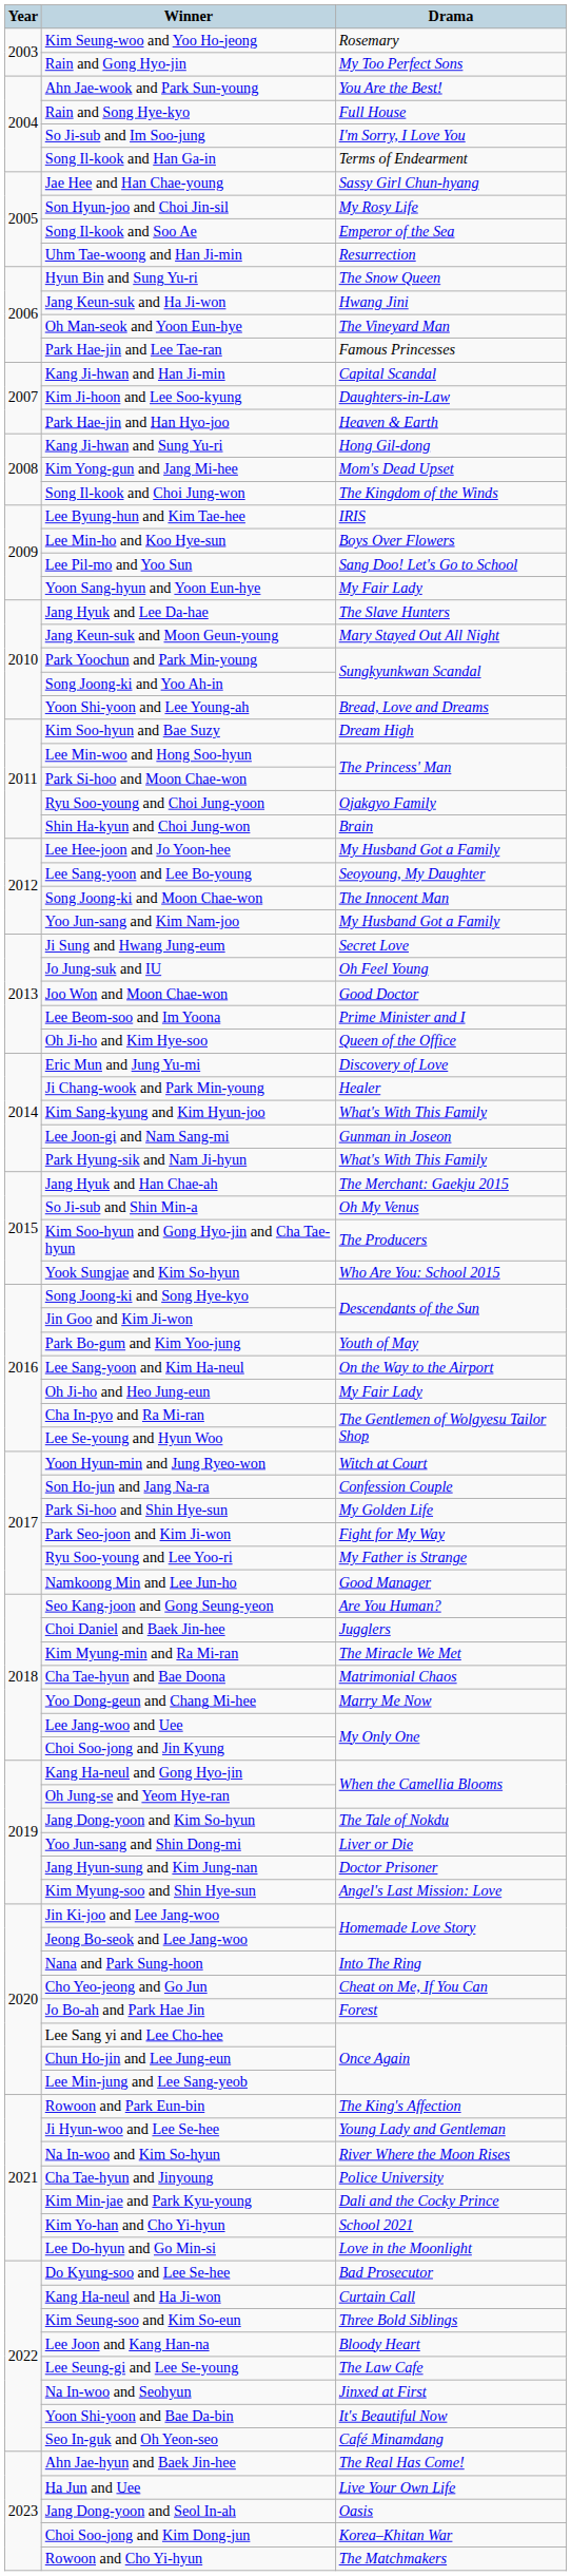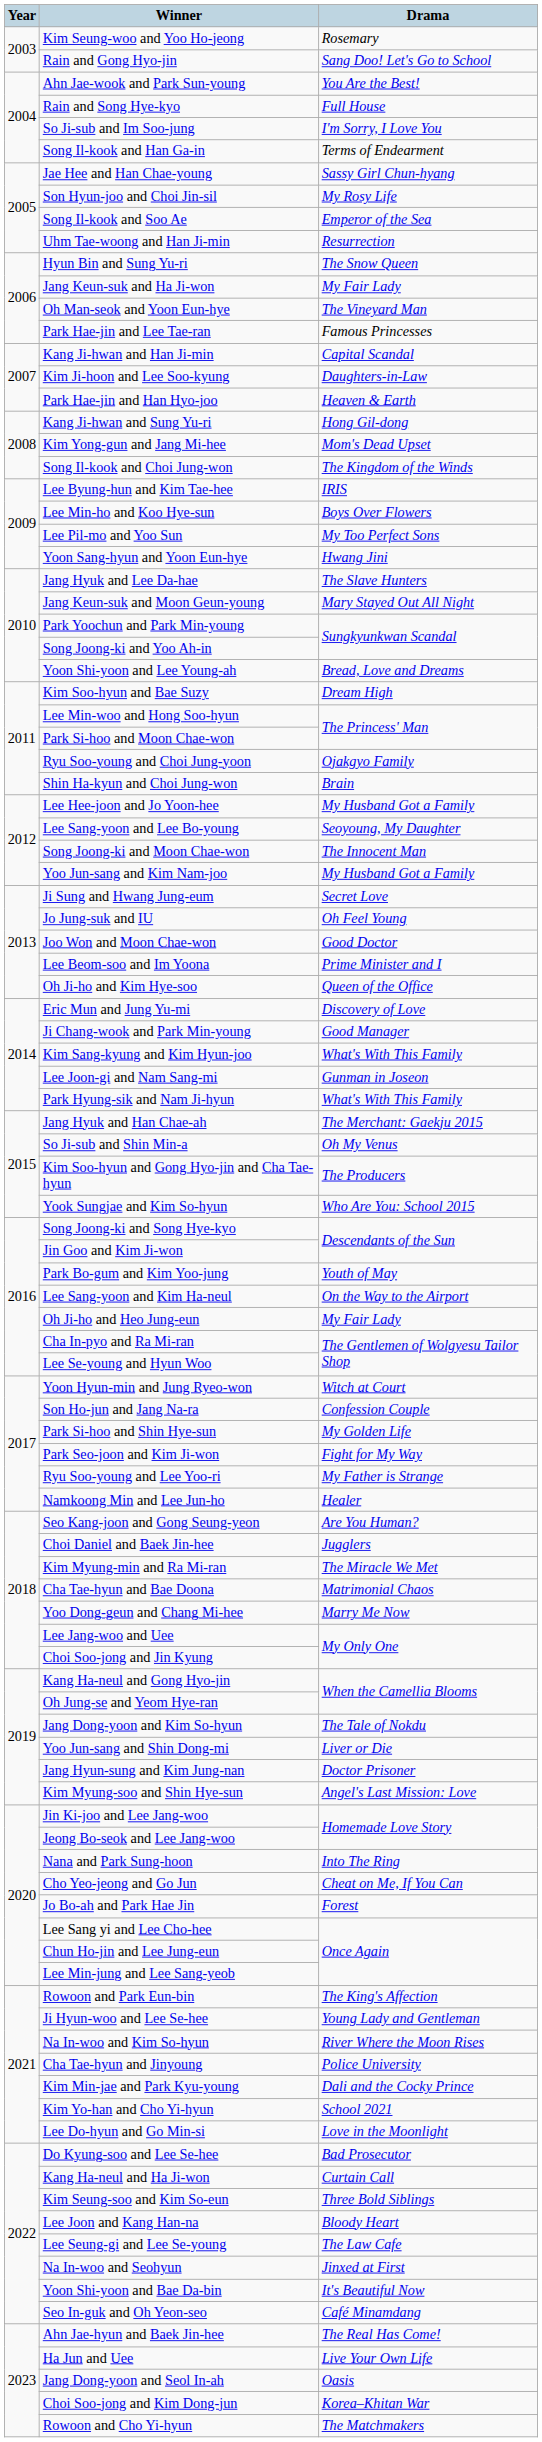 <table class="wikitable" style="width:600px">
 <tr>
 <th style="background:#BED5E1;" width="30">Year</th>
 <th style="background:#BED5E1;">Winner</th>
 <th style="background:#BED5E1;">Drama</th>
 </tr>
 <tr>
 <td rowspan="2">2003</td>
 <td><a href='#'>Kim Seung-woo</a> and <a href='#'>Yoo Ho-jeong</a></td>
 <td><em>Rosemary</em></td>
 </tr>
 <tr>
 <td><a href='#'>Rain</a> and <a href='#'>Gong Hyo-jin</a></td>
-<td><em><a href='#'>My Too Perfect Sons</a></em></td>
+<td><em><a href='#'>Sang Doo! Let's Go to School</a></em></td>
 </tr>
 <tr>
 <td rowspan="4">2004</td>
 <td><a href='#'>Ahn Jae-wook</a> and <a href='#'>Park Sun-young</a></td>
 <td><em><a href='#'>You Are the Best!</a></em></td>
 </tr>
 <tr>
 <td><a href='#'>Rain</a> and <a href='#'>Song Hye-kyo</a></td>
 <td><em><a href='#'>Full House</a></em></td>
 </tr>
 <tr>
 <td><a href='#'>So Ji-sub</a> and <a href='#'>Im Soo-jung</a></td>
 <td><em><a href='#'>I'm Sorry, I Love You</a></em></td>
 </tr>
 <tr>
 <td><a href='#'>Song Il-kook</a> and <a href='#'>Han Ga-in</a></td>
 <td><em>Terms of Endearment</em></td>
 </tr>
 <tr>
 <td rowspan="4">2005</td>
 <td><a href='#'>Jae Hee</a> and <a href='#'>Han Chae-young</a></td>
 <td><em><a href='#'>Sassy Girl Chun-hyang</a></em></td>
 </tr>
 <tr>
 <td><a href='#'>Son Hyun-joo</a> and <a href='#'>Choi Jin-sil</a></td>
 <td><em><a href='#'>My Rosy Life</a></em></td>
 </tr>
 <tr>
 <td><a href='#'>Song Il-kook</a> and <a href='#'>Soo Ae</a></td>
 <td><em><a href='#'>Emperor of the Sea</a></em></td>
 </tr>
 <tr>
 <td><a href='#'>Uhm Tae-woong</a> and <a href='#'>Han Ji-min</a></td>
 <td><em><a href='#'>Resurrection</a></em></td>
 </tr>
 <tr>
 <td rowspan="4">2006</td>
 <td><a href='#'>Hyun Bin</a> and <a href='#'>Sung Yu-ri</a></td>
 <td><em><a href='#'>The Snow Queen</a></em></td>
 </tr>
 <tr>
 <td><a href='#'>Jang Keun-suk</a> and <a href='#'>Ha Ji-won</a></td>
-<td><em><a href='#'>Hwang Jini</a></em></td>
+<td><em><a href='#'>My Fair Lady</a></em></td>
 </tr>
 <tr>
 <td><a href='#'>Oh Man-seok</a> and <a href='#'>Yoon Eun-hye</a></td>
 <td><em><a href='#'>The Vineyard Man</a></em></td>
 </tr>
 <tr>
 <td><a href='#'>Park Hae-jin</a> and <a href='#'>Lee Tae-ran</a></td>
 <td><em>Famous Princesses</em></td>
 </tr>
 <tr>
 <td rowspan="3">2007</td>
 <td><a href='#'>Kang Ji-hwan</a> and <a href='#'>Han Ji-min</a></td>
 <td><em><a href='#'>Capital Scandal</a></em></td>
 </tr>
 <tr>
 <td><a href='#'>Kim Ji-hoon</a> and <a href='#'>Lee Soo-kyung</a></td>
 <td><em><a href='#'>Daughters-in-Law</a></em></td>
 </tr>
 <tr>
 <td><a href='#'>Park Hae-jin</a> and <a href='#'>Han Hyo-joo</a></td>
 <td><em><a href='#'>Heaven & Earth</a></em></td>
 </tr>
 <tr>
 <td rowspan="3">2008</td>
 <td><a href='#'>Kang Ji-hwan</a> and <a href='#'>Sung Yu-ri</a></td>
 <td><em><a href='#'>Hong Gil-dong</a></em></td>
 </tr>
 <tr>
 <td><a href='#'>Kim Yong-gun</a> and <a href='#'>Jang Mi-hee</a></td>
 <td><em><a href='#'>Mom's Dead Upset</a></em></td>
 </tr>
 <tr>
 <td><a href='#'>Song Il-kook</a> and <a href='#'>Choi Jung-won</a></td>
 <td><em><a href='#'>The Kingdom of the Winds</a></em></td>
 </tr>
 <tr>
 <td rowspan="4">2009</td>
 <td><a href='#'>Lee Byung-hun</a> and <a href='#'>Kim Tae-hee</a></td>
 <td><em><a href='#'>IRIS</a></em></td>
 </tr>
 <tr>
 <td><a href='#'>Lee Min-ho</a> and <a href='#'>Koo Hye-sun</a></td>
 <td><em><a href='#'>Boys Over Flowers</a></em></td>
 </tr>
 <tr>
 <td><a href='#'>Lee Pil-mo</a> and <a href='#'>Yoo Sun</a></td>
-<td><em><a href='#'>Sang Doo! Let's Go to School</a></em></td>
+<td><em><a href='#'>My Too Perfect Sons</a></em></td>
 </tr>
 <tr>
 <td><a href='#'>Yoon Sang-hyun</a> and <a href='#'>Yoon Eun-hye</a></td>
-<td><em><a href='#'>My Fair Lady</a></em></td>
+<td><em><a href='#'>Hwang Jini</a></em></td>
 </tr>
 <tr>
 <td rowspan="5">2010</td>
 <td><a href='#'>Jang Hyuk</a> and <a href='#'>Lee Da-hae</a></td>
 <td><em><a href='#'>The Slave Hunters</a></em></td>
 </tr>
 <tr>
 <td><a href='#'>Jang Keun-suk</a> and <a href='#'>Moon Geun-young</a></td>
 <td><em><a href='#'>Mary Stayed Out All Night</a></em></td>
 </tr>
 <tr>
 <td><a href='#'>Park Yoochun</a> and <a href='#'>Park Min-young</a></td>
 <td rowspan="2"><em><a href='#'>Sungkyunkwan Scandal</a></em></td>
 </tr>
 <tr>
 <td><a href='#'>Song Joong-ki</a> and <a href='#'>Yoo Ah-in</a></td>
 </tr>
 <tr>
 <td><a href='#'>Yoon Shi-yoon</a> and <a href='#'>Lee Young-ah</a></td>
 <td><em><a href='#'>Bread, Love and Dreams</a></em></td>
 </tr>
 <tr>
 <td rowspan="5">2011</td>
 <td><a href='#'>Kim Soo-hyun</a> and <a href='#'>Bae Suzy</a></td>
 <td><em><a href='#'>Dream High</a></em></td>
 </tr>
 <tr>
 <td><a href='#'>Lee Min-woo</a> and <a href='#'>Hong Soo-hyun</a></td>
 <td rowspan="2"><em><a href='#'>The Princess' Man</a></em></td>
 </tr>
 <tr>
 <td><a href='#'>Park Si-hoo</a> and <a href='#'>Moon Chae-won</a></td>
 </tr>
 <tr>
 <td><a href='#'>Ryu Soo-young</a> and <a href='#'>Choi Jung-yoon</a></td>
 <td><em><a href='#'>Ojakgyo Family</a></em></td>
 </tr>
 <tr>
 <td><a href='#'>Shin Ha-kyun</a> and <a href='#'>Choi Jung-won</a></td>
 <td><em><a href='#'>Brain</a></em></td>
 </tr>
 <tr>
 <td rowspan="4">2012</td>
 <td><a href='#'>Lee Hee-joon</a> and <a href='#'>Jo Yoon-hee</a></td>
 <td><em><a href='#'>My Husband Got a Family</a></em></td>
 </tr>
 <tr>
 <td><a href='#'>Lee Sang-yoon</a> and <a href='#'>Lee Bo-young</a></td>
 <td><em><a href='#'>Seoyoung, My Daughter</a></em></td>
 </tr>
 <tr>
 <td><a href='#'>Song Joong-ki</a> and <a href='#'>Moon Chae-won</a></td>
 <td><em><a href='#'>The Innocent Man</a></em></td>
 </tr>
 <tr>
 <td><a href='#'>Yoo Jun-sang</a> and <a href='#'>Kim Nam-joo</a></td>
 <td><em><a href='#'>My Husband Got a Family</a></em></td>
 </tr>
 <tr>
 <td rowspan="5">2013</td>
 <td><a href='#'>Ji Sung</a> and <a href='#'>Hwang Jung-eum</a></td>
 <td><em><a href='#'>Secret Love</a></em></td>
 </tr>
 <tr>
 <td><a href='#'>Jo Jung-suk</a> and <a href='#'>IU</a></td>
 <td><em><a href='#'>Oh Feel Young</a></em></td>
 </tr>
 <tr>
 <td><a href='#'>Joo Won</a> and <a href='#'>Moon Chae-won</a></td>
 <td><em><a href='#'>Good Doctor</a></em></td>
 </tr>
 <tr>
 <td><a href='#'>Lee Beom-soo</a> and <a href='#'>Im Yoona</a></td>
 <td><em><a href='#'>Prime Minister and I</a></em></td>
 </tr>
 <tr>
 <td><a href='#'>Oh Ji-ho</a> and <a href='#'>Kim Hye-soo</a></td>
 <td><em><a href='#'>Queen of the Office</a></em></td>
 </tr>
 <tr>
 <td rowspan="5">2014</td>
 <td><a href='#'>Eric Mun</a> and <a href='#'>Jung Yu-mi</a></td>
 <td><em><a href='#'>Discovery of Love</a></em></td>
 </tr>
 <tr>
 <td><a href='#'>Ji Chang-wook</a> and <a href='#'>Park Min-young</a></td>
-<td><em><a href='#'>Healer</a></em></td>
+<td><em><a href='#'>Good Manager</a></em></td>
 </tr>
 <tr>
 <td><a href='#'>Kim Sang-kyung</a> and <a href='#'>Kim Hyun-joo</a></td>
 <td><em><a href='#'>What's With This Family</a></em></td>
 </tr>
 <tr>
 <td><a href='#'>Lee Joon-gi</a> and <a href='#'>Nam Sang-mi</a></td>
 <td><em><a href='#'>Gunman in Joseon</a></em></td>
 </tr>
 <tr>
 <td><a href='#'>Park Hyung-sik</a> and <a href='#'>Nam Ji-hyun</a></td>
 <td><em><a href='#'>What's With This Family</a></em></td>
 </tr>
 <tr>
 <td rowspan="4">2015</td>
 <td><a href='#'>Jang Hyuk</a> and <a href='#'>Han Chae-ah</a></td>
 <td><em><a href='#'>The Merchant: Gaekju 2015</a></em></td>
 </tr>
 <tr>
 <td><a href='#'>So Ji-sub</a> and <a href='#'>Shin Min-a</a></td>
 <td><em><a href='#'>Oh My Venus</a></em></td>
 </tr>
 <tr>
 <td><a href='#'>Kim Soo-hyun</a> and <a href='#'>Gong Hyo-jin</a> and <a href='#'>Cha Tae-hyun</a></td>
 <td><em><a href='#'>The Producers</a></em></td>
 </tr>
 <tr>
 <td><a href='#'>Yook Sungjae</a> and <a href='#'>Kim So-hyun</a></td>
 <td><em><a href='#'>Who Are You: School 2015</a></em></td>
 </tr>
 <tr>
 <td rowspan="7">2016</td>
 <td><a href='#'>Song Joong-ki</a> and <a href='#'>Song Hye-kyo</a></td>
 <td rowspan="2"><em><a href='#'>Descendants of the Sun</a></em></td>
 </tr>
 <tr>
 <td><a href='#'>Jin Goo</a> and <a href='#'>Kim Ji-won</a></td>
 </tr>
 <tr>
 <td><a href='#'>Park Bo-gum</a> and <a href='#'>Kim Yoo-jung</a></td>
 <td><em><a href='#'>Youth of May</a></em></td>
 </tr>
 <tr>
 <td><a href='#'>Lee Sang-yoon</a> and <a href='#'>Kim Ha-neul</a></td>
 <td><em><a href='#'>On the Way to the Airport</a></em></td>
 </tr>
 <tr>
 <td><a href='#'>Oh Ji-ho</a> and <a href='#'>Heo Jung-eun</a></td>
 <td><em><a href='#'>My Fair Lady</a></em></td>
 </tr>
 <tr>
 <td><a href='#'>Cha In-pyo</a> and <a href='#'>Ra Mi-ran</a></td>
 <td rowspan="2"><em><a href='#'>The Gentlemen of Wolgyesu Tailor Shop</a></em></td>
 </tr>
 <tr>
 <td><a href='#'>Lee Se-young</a> and <a href='#'>Hyun Woo</a></td>
 </tr>
 <tr>
 <td rowspan="6">2017</td>
 <td><a href='#'>Yoon Hyun-min</a> and <a href='#'>Jung Ryeo-won</a></td>
 <td><em><a href='#'>Witch at Court</a></em></td>
 </tr>
 <tr>
 <td><a href='#'>Son Ho-jun</a> and <a href='#'>Jang Na-ra</a></td>
 <td><em><a href='#'>Confession Couple</a></em></td>
 </tr>
 <tr>
 <td><a href='#'>Park Si-hoo</a> and <a href='#'>Shin Hye-sun</a></td>
 <td><em><a href='#'>My Golden Life</a></em></td>
 </tr>
 <tr>
 <td><a href='#'>Park Seo-joon</a> and <a href='#'>Kim Ji-won</a></td>
 <td><em><a href='#'>Fight for My Way</a></em></td>
 </tr>
 <tr>
 <td><a href='#'>Ryu Soo-young</a> and <a href='#'>Lee Yoo-ri</a></td>
 <td><em><a href='#'>My Father is Strange</a></em></td>
 </tr>
 <tr>
 <td><a href='#'>Namkoong Min</a> and <a href='#'>Lee Jun-ho</a></td>
-<td><em><a href='#'>Good Manager</a></em></td>
+<td><em><a href='#'>Healer</a></em></td>
 </tr>
 <tr>
 <td rowspan="7">2018</td>
 <td><a href='#'>Seo Kang-joon</a> and <a href='#'>Gong Seung-yeon</a></td>
 <td><em><a href='#'>Are You Human?</a></em></td>
 </tr>
 <tr>
 <td><a href='#'>Choi Daniel</a> and <a href='#'>Baek Jin-hee</a></td>
 <td><em><a href='#'>Jugglers</a></em></td>
 </tr>
 <tr>
 <td><a href='#'>Kim Myung-min</a> and <a href='#'>Ra Mi-ran</a></td>
 <td><em><a href='#'>The Miracle We Met</a></em></td>
 </tr>
 <tr>
 <td><a href='#'>Cha Tae-hyun</a> and <a href='#'>Bae Doona</a></td>
 <td><em><a href='#'>Matrimonial Chaos</a></em></td>
 </tr>
 <tr>
 <td><a href='#'>Yoo Dong-geun</a> and <a href='#'>Chang Mi-hee</a></td>
 <td><em><a href='#'>Marry Me Now</a></em></td>
 </tr>
 <tr>
 <td><a href='#'>Lee Jang-woo</a> and <a href='#'>Uee</a></td>
 <td rowspan="2"><em><a href='#'>My Only One</a></em></td>
 </tr>
 <tr>
 <td><a href='#'>Choi Soo-jong</a> and <a href='#'>Jin Kyung</a></td>
 </tr>
 <tr>
 <td rowspan="6">2019</td>
 <td><a href='#'>Kang Ha-neul</a> and <a href='#'>Gong Hyo-jin</a></td>
 <td rowspan="2"><em><a href='#'>When the Camellia Blooms</a></em></td>
 </tr>
 <tr>
 <td><a href='#'>Oh Jung-se</a> and <a href='#'>Yeom Hye-ran</a></td>
 </tr>
 <tr>
 <td><a href='#'>Jang Dong-yoon</a> and <a href='#'>Kim So-hyun</a></td>
 <td><em><a href='#'>The Tale of Nokdu</a></em></td>
 </tr>
 <tr>
 <td><a href='#'>Yoo Jun-sang</a> and <a href='#'>Shin Dong-mi</a></td>
 <td><em><a href='#'>Liver or Die</a></em></td>
 </tr>
 <tr>
 <td><a href='#'>Jang Hyun-sung</a> and <a href='#'>Kim Jung-nan</a></td>
 <td><em><a href='#'>Doctor Prisoner</a></em></td>
 </tr>
 <tr>
 <td><a href='#'>Kim Myung-soo</a> and <a href='#'>Shin Hye-sun</a></td>
 <td><em><a href='#'>Angel's Last Mission: Love</a></em></td>
 </tr>
 <tr>
 <td rowspan="8">2020</td>
 <td><a href='#'>Jin Ki-joo</a> and <a href='#'>Lee Jang-woo</a></td>
 <td rowspan="2"><em><a href='#'>Homemade Love Story</a></em></td>
 </tr>
 <tr>
 <td><a href='#'>Jeong Bo-seok</a> and <a href='#'>Lee Jang-woo</a></td>
 </tr>
 <tr>
 <td><a href='#'>Nana</a> and <a href='#'>Park Sung-hoon</a></td>
 <td><em><a href='#'>Into The Ring</a></em></td>
 </tr>
 <tr>
 <td><a href='#'>Cho Yeo-jeong</a> and <a href='#'>Go Jun</a></td>
 <td><em><a href='#'>Cheat on Me, If You Can</a></em></td>
 </tr>
 <tr>
 <td><a href='#'>Jo Bo-ah</a> and <a href='#'>Park Hae Jin</a></td>
 <td><em><a href='#'>Forest</a></em></td>
 </tr>
 <tr>
 <td>Lee Sang yi and <a href='#'>Lee Cho-hee</a></td>
 <td rowspan="3"><em><a href='#'>Once Again</a></em></td>
 </tr>
 <tr>
 <td><a href='#'>Chun Ho-jin</a> and <a href='#'>Lee Jung-eun</a></td>
 </tr>
 <tr>
 <td><a href='#'>Lee Min-jung</a> and <a href='#'>Lee Sang-yeob</a></td>
 </tr>
 <tr>
 <td rowspan="7">2021</td>
 <td><a href='#'>Rowoon</a> and <a href='#'>Park Eun-bin</a></td>
 <td><em><a href='#'>The King's Affection</a></em></td>
 </tr>
 <tr>
 <td><a href='#'>Ji Hyun-woo</a> and <a href='#'>Lee Se-hee</a></td>
 <td><em><a href='#'>Young Lady and Gentleman</a></em></td>
 </tr>
 <tr>
 <td><a href='#'>Na In-woo</a> and <a href='#'>Kim So-hyun</a></td>
 <td><em><a href='#'>River Where the Moon Rises</a></em></td>
 </tr>
 <tr>
 <td><a href='#'>Cha Tae-hyun</a> and <a href='#'>Jinyoung</a></td>
 <td><em><a href='#'>Police University</a></em></td>
 </tr>
 <tr>
 <td><a href='#'>Kim Min-jae</a> and <a href='#'>Park Kyu-young</a></td>
 <td><em><a href='#'>Dali and the Cocky Prince</a></em></td>
 </tr>
 <tr>
 <td><a href='#'>Kim Yo-han</a> and <a href='#'>Cho Yi-hyun</a></td>
 <td><em><a href='#'>School 2021</a></em></td>
 </tr>
 <tr>
 <td><a href='#'>Lee Do-hyun</a> and <a href='#'>Go Min-si</a></td>
 <td><em><a href='#'>Love in the Moonlight</a></em></td>
 </tr>
 <tr>
 <td rowspan="8">2022</td>
 <td><a href='#'>Do Kyung-soo</a> and <a href='#'>Lee Se-hee</a></td>
 <td><em><a href='#'>Bad Prosecutor</a></em></td>
 </tr>
 <tr>
 <td><a href='#'>Kang Ha-neul</a> and <a href='#'>Ha Ji-won</a></td>
 <td><em><a href='#'>Curtain Call</a></em></td>
 </tr>
 <tr>
 <td><a href='#'>Kim Seung-soo</a> and <a href='#'>Kim So-eun</a></td>
 <td><em><a href='#'>Three Bold Siblings</a></em></td>
 </tr>
 <tr>
 <td><a href='#'>Lee Joon</a> and <a href='#'>Kang Han-na</a></td>
 <td><em><a href='#'>Bloody Heart</a></em></td>
 </tr>
 <tr>
 <td><a href='#'>Lee Seung-gi</a> and <a href='#'>Lee Se-young</a></td>
 <td><em><a href='#'>The Law Cafe</a></em></td>
 </tr>
 <tr>
 <td><a href='#'>Na In-woo</a> and <a href='#'>Seohyun</a></td>
 <td><em><a href='#'>Jinxed at First</a></em></td>
 </tr>
 <tr>
 <td><a href='#'>Yoon Shi-yoon</a> and <a href='#'>Bae Da-bin</a></td>
 <td><em><a href='#'>It's Beautiful Now</a></em></td>
 </tr>
 <tr>
 <td><a href='#'>Seo In-guk</a> and <a href='#'>Oh Yeon-seo</a></td>
 <td><em><a href='#'>Café Minamdang</a></em></td>
 </tr>
 <tr>
 <td rowspan="5">2023</td>
 <td><a href='#'>Ahn Jae-hyun</a> and <a href='#'>Baek Jin-hee</a></td>
 <td><em><a href='#'>The Real Has Come!</a></em></td>
 </tr>
 <tr>
 <td><a href='#'>Ha Jun</a> and <a href='#'>Uee</a></td>
 <td><em><a href='#'>Live Your Own Life</a></em></td>
 </tr>
 <tr>
 <td><a href='#'>Jang Dong-yoon</a> and <a href='#'>Seol In-ah</a></td>
 <td><em><a href='#'>Oasis</a></em></td>
 </tr>
 <tr>
 <td><a href='#'>Choi Soo-jong</a> and <a href='#'>Kim Dong-jun</a></td>
 <td><em><a href='#'>Korea–Khitan War</a></em></td>
 </tr>
 <tr>
 <td><a href='#'>Rowoon</a> and <a href='#'>Cho Yi-hyun</a></td>
 <td><em><a href='#'>The Matchmakers</a></em></td>
 </tr>
 </table>
